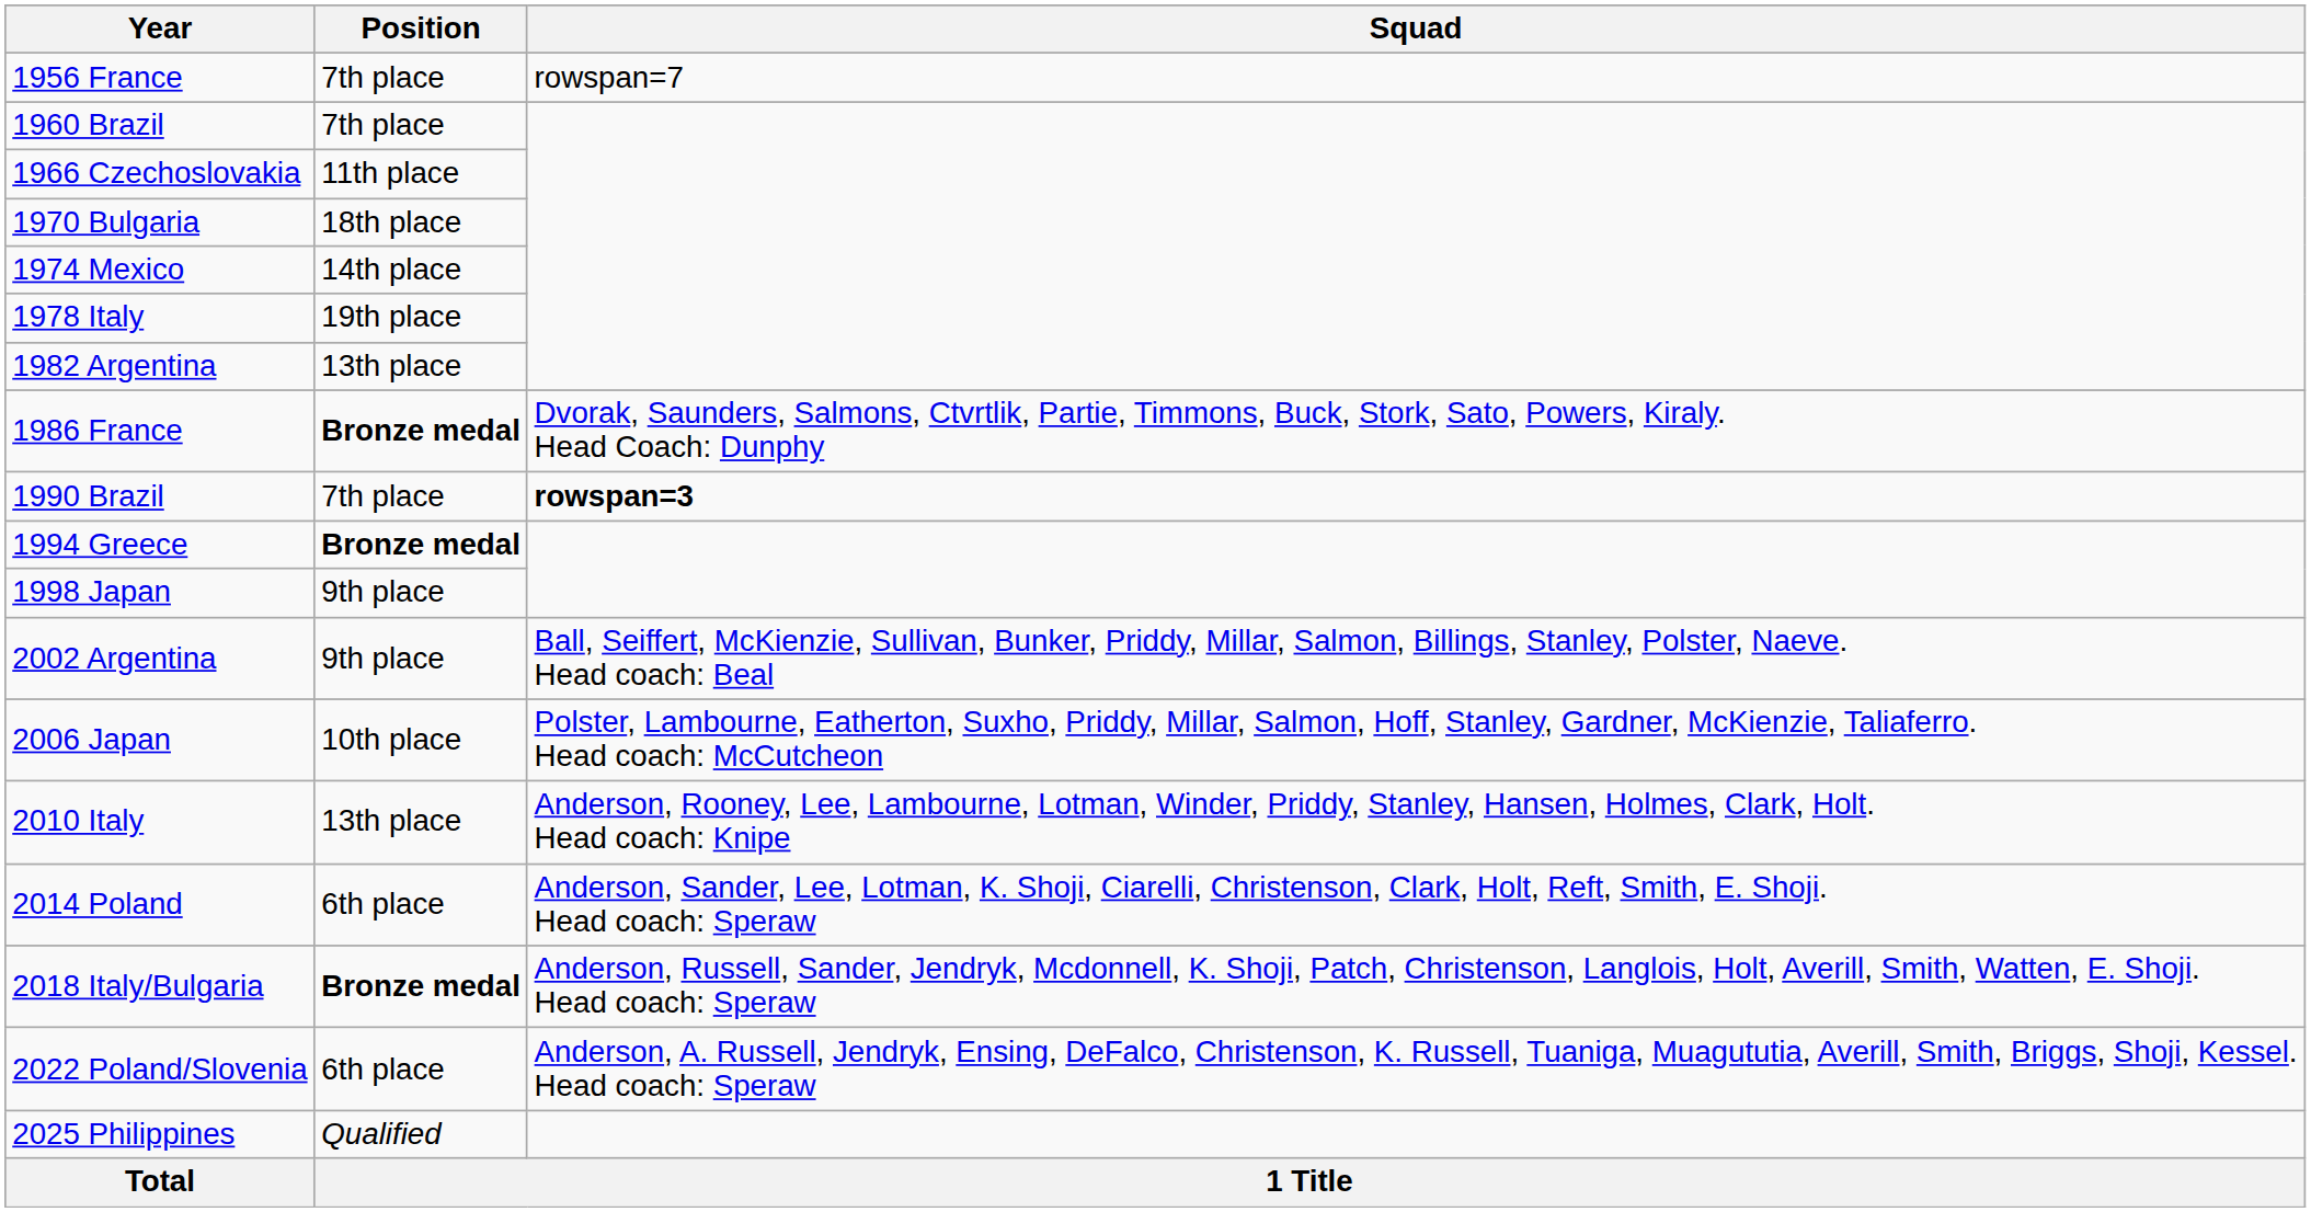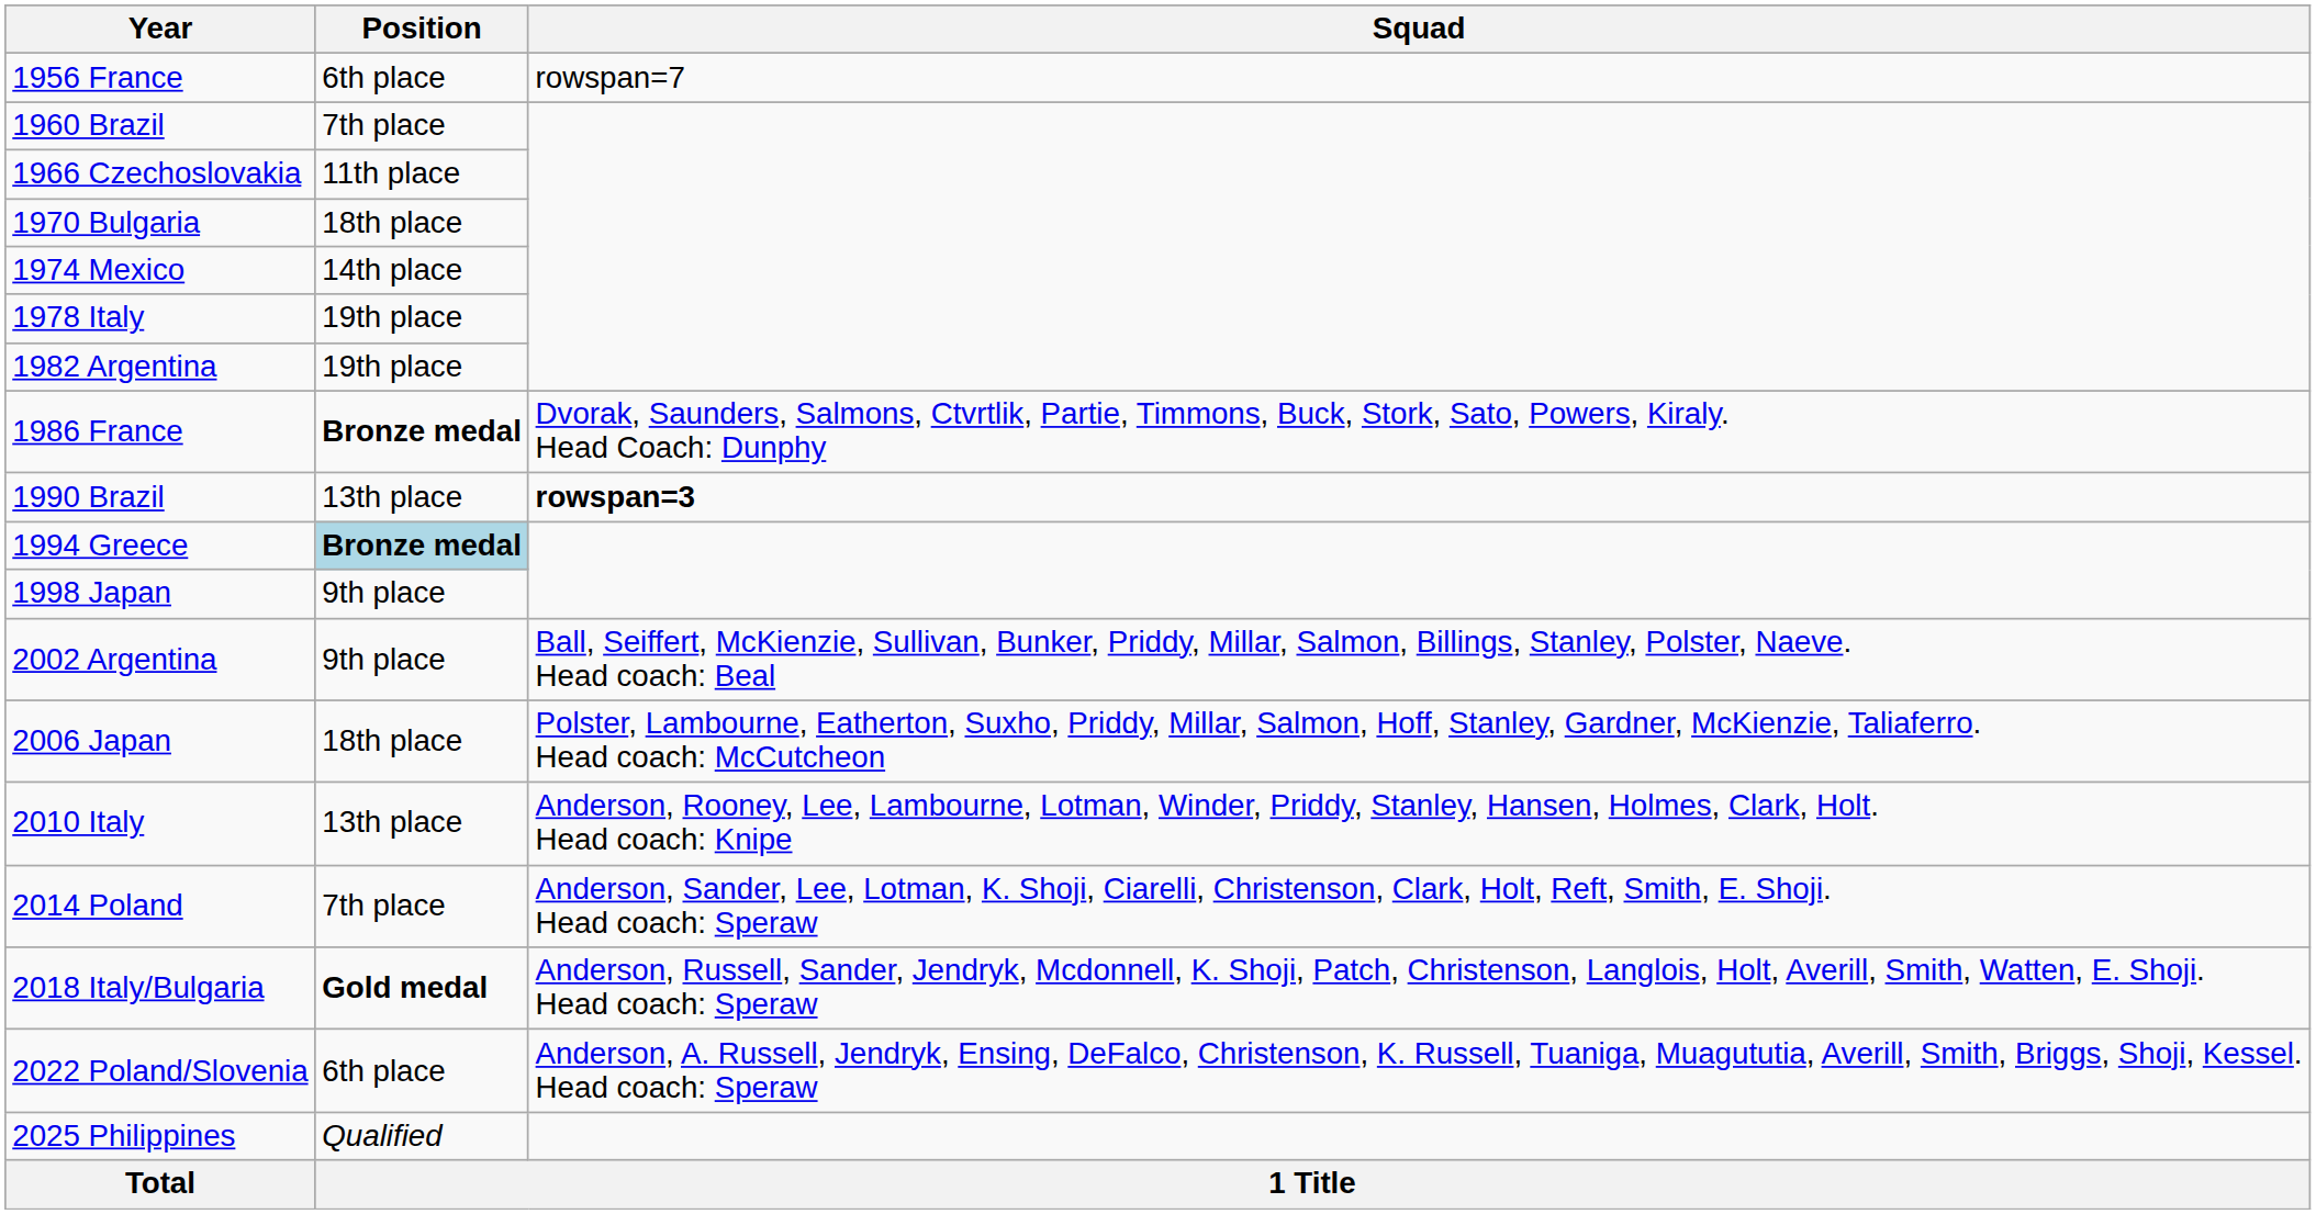 <table class="wikitable" style="text-align: center;">
 <tr>
 <th>Year</th>
 <th>Position</th>
 <th>Squad</th>
 </tr>
 <tr style="text-align:left;">
 <td><a href='#'>1956 France</a></td>
-<td>7th place</td>
+<td>6th place</td>
 <td>rowspan=7 </td>
 </tr>
 <tr style="text-align:left;">
 <td><a href='#'>1960 Brazil</a></td>
 <td>7th place</td>
 </tr>
 <tr style="text-align:left;">
 <td><a href='#'>1966 Czechoslovakia</a></td>
 <td>11th place</td>
 </tr>
 <tr style="text-align:left;">
 <td><a href='#'>1970 Bulgaria</a></td>
 <td>18th place</td>
 </tr>
 <tr style="text-align:left;">
 <td><a href='#'>1974 Mexico</a></td>
 <td>14th place</td>
 </tr>
 <tr style="text-align:left;">
 <td><a href='#'>1978 Italy</a></td>
 <td>19th place</td>
 </tr>
 <tr style="text-align:left;">
 <td><a href='#'>1982 Argentina</a></td>
-<td>13th place</td>
+<td>19th place</td>
 </tr>
 <tr style="text-align:left;">
 <td><a href='#'>1986 France</a></td>
 <td> <strong>Bronze medal</strong></td>
 <td><a href='#'>Dvorak</a>, <a href='#'>Saunders</a>, <a href='#'>Salmons</a>, <a href='#'>Ctvrtlik</a>, <a href='#'>Partie</a>, <a href='#'>Timmons</a>, <a href='#'>Buck</a>, <a href='#'>Stork</a>, <a href='#'>Sato</a>, <a href='#'>Powers</a>, <a href='#'>Kiraly</a>. <br>Head Coach: <a href='#'>Dunphy</a></td>
 </tr>
 <tr style="text-align:left;">
 <td><a href='#'>1990 Brazil</a></td>
-<td>7th place</td>
+<td>13th place</td>
 <td><strong>rowspan=3 </strong></td>
 </tr>
 <tr style="text-align:left;">
 <td><a href='#'>1994 Greece</a></td>
-<td> <strong>Bronze medal</strong></td>
+<td style="background: lightblue;"> <strong>Bronze medal</strong></td>
 </tr>
 <tr style="text-align:left;">
 <td><a href='#'>1998 Japan</a></td>
 <td>9th place</td>
 </tr>
 <tr style="text-align:left;">
 <td><a href='#'>2002 Argentina</a></td>
 <td>9th place</td>
 <td><a href='#'>Ball</a>, <a href='#'>Seiffert</a>, <a href='#'>McKienzie</a>, <a href='#'>Sullivan</a>, <a href='#'>Bunker</a>, <a href='#'>Priddy</a>, <a href='#'>Millar</a>, <a href='#'>Salmon</a>, <a href='#'>Billings</a>, <a href='#'>Stanley</a>, <a href='#'>Polster</a>, <a href='#'>Naeve</a>. <br>Head coach: <a href='#'>Beal</a></td>
 </tr>
 <tr style="text-align:left;">
 <td><a href='#'>2006 Japan</a></td>
-<td>10th place</td>
+<td>18th place</td>
 <td><a href='#'>Polster</a>, <a href='#'>Lambourne</a>, <a href='#'>Eatherton</a>, <a href='#'>Suxho</a>, <a href='#'>Priddy</a>, <a href='#'>Millar</a>, <a href='#'>Salmon</a>, <a href='#'>Hoff</a>, <a href='#'>Stanley</a>, <a href='#'>Gardner</a>, <a href='#'>McKienzie</a>, <a href='#'>Taliaferro</a>. <br>Head coach: <a href='#'>McCutcheon</a></td>
 </tr>
 <tr style="text-align:left;">
 <td><a href='#'>2010 Italy</a></td>
 <td>13th place</td>
 <td><a href='#'>Anderson</a>, <a href='#'>Rooney</a>, <a href='#'>Lee</a>, <a href='#'>Lambourne</a>, <a href='#'>Lotman</a>, <a href='#'>Winder</a>, <a href='#'>Priddy</a>, <a href='#'>Stanley</a>, <a href='#'>Hansen</a>, <a href='#'>Holmes</a>, <a href='#'>Clark</a>, <a href='#'>Holt</a>. <br>Head coach: <a href='#'>Knipe</a></td>
 </tr>
 <tr style="text-align:left;">
 <td><a href='#'>2014 Poland</a></td>
-<td>6th place</td>
+<td>7th place</td>
 <td><a href='#'>Anderson</a>, <a href='#'>Sander</a>, <a href='#'>Lee</a>, <a href='#'>Lotman</a>, <a href='#'>K. Shoji</a>, <a href='#'>Ciarelli</a>, <a href='#'>Christenson</a>, <a href='#'>Clark</a>, <a href='#'>Holt</a>, <a href='#'>Reft</a>, <a href='#'>Smith</a>, <a href='#'>E. Shoji</a>. <br>Head coach: <a href='#'>Speraw</a></td>
 </tr>
 <tr style="text-align:left;">
 <td><a href='#'>2018 Italy/Bulgaria</a></td>
-<td> <strong>Bronze medal</strong></td>
+<td> <strong>Gold medal</strong></td>
 <td><a href='#'>Anderson</a>, <a href='#'>Russell</a>, <a href='#'>Sander</a>, <a href='#'>Jendryk</a>, <a href='#'>Mcdonnell</a>, <a href='#'>K. Shoji</a>, <a href='#'>Patch</a>, <a href='#'>Christenson</a>, <a href='#'>Langlois</a>, <a href='#'>Holt</a>, <a href='#'>Averill</a>, <a href='#'>Smith</a>, <a href='#'>Watten</a>, <a href='#'>E. Shoji</a>. <br>Head coach: <a href='#'>Speraw</a></td>
 </tr>
 <tr style="text-align:left;">
 <td><a href='#'>2022 Poland/Slovenia</a></td>
 <td>6th place</td>
 <td><a href='#'>Anderson</a>, <a href='#'>A. Russell</a>, <a href='#'>Jendryk</a>, <a href='#'>Ensing</a>, <a href='#'>DeFalco</a>, <a href='#'>Christenson</a>, <a href='#'>K. Russell</a>, <a href='#'>Tuaniga</a>, <a href='#'>Muagututia</a>, <a href='#'>Averill</a>, <a href='#'>Smith</a>, <a href='#'>Briggs</a>, <a href='#'>Shoji</a>, <a href='#'>Kessel</a>. <br>Head coach: <a href='#'>Speraw</a></td>
 </tr>
 <tr style="text-align:left;">
 <td><a href='#'>2025 Philippines</a></td>
 <td><em>Qualified</em></td>
 <td></td>
 </tr>
 <tr>
 <th>Total</th>
 <th colspan="2">1 Title</th>
 </tr>
 </table>
